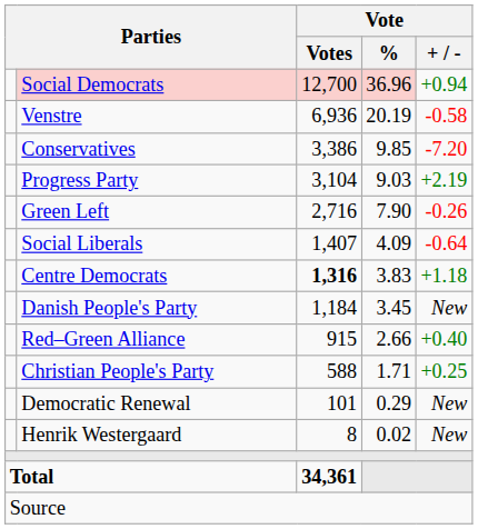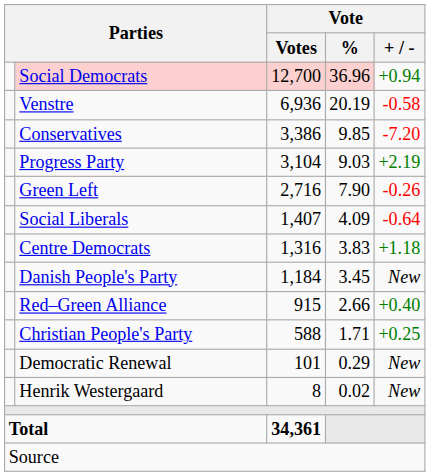 <table class="wikitable" style="text-align:right;">
 <tr>
 <th style="text-align:centre;" rowspan="2" colspan="2" width="225">Parties</th>
 <th colspan="3">Vote</th>
 </tr>
 <tr>
 <th width="15">Votes</th>
 <th width="15">%</th>
 <th width="15">+ / -</th>
 </tr>
 <tr>
 <td width="2" style="color:inherit;background:"></td>
 <td bgcolor=#fbd0ce  align="left"><a href='#'>Social Democrats</a></td>
 <td bgcolor=#fbd0ce>12,700</td>
 <td bgcolor=#fbd0ce>36.96</td>
 <td style=color:green;>+0.94</td>
 </tr>
 <tr>
 <td width="2" style="color:inherit;background:"></td>
 <td align="left"><a href='#'>Venstre</a></td>
 <td>6,936</td>
 <td>20.19</td>
 <td style=color:red;>-0.58</td>
 </tr>
 <tr>
 <td width="2" style="color:inherit;background:"></td>
 <td align="left"><a href='#'>Conservatives</a></td>
 <td>3,386</td>
 <td>9.85</td>
 <td style=color:red;>-7.20</td>
 </tr>
 <tr>
 <td width="2" style="color:inherit;background:"></td>
 <td align="left"><a href='#'>Progress Party</a></td>
 <td>3,104</td>
 <td>9.03</td>
 <td style=color:green;>+2.19</td>
 </tr>
 <tr>
 <td width="2" style="color:inherit;background:"></td>
 <td align="left"><a href='#'>Green Left</a></td>
 <td>2,716</td>
 <td>7.90</td>
 <td style=color:red;>-0.26</td>
 </tr>
 <tr>
 <td width="2" style="color:inherit;background:"></td>
 <td align="left"><a href='#'>Social Liberals</a></td>
 <td>1,407</td>
 <td>4.09</td>
 <td style=color:red;>-0.64</td>
 </tr>
 <tr>
 <td width="2" style="color:inherit;background:"></td>
 <td align="left"><a href='#'>Centre Democrats</a></td>
-<td><strong>1,316</strong></td>
+<td>1,316</td>
 <td>3.83</td>
 <td style=color:green;>+1.18</td>
 </tr>
 <tr>
 <td width="2" style="color:inherit;background:"></td>
 <td align="left"><a href='#'>Danish People's Party</a></td>
 <td>1,184</td>
 <td>3.45</td>
 <td><em>New</em></td>
 </tr>
 <tr>
 <td width="2" style="color:inherit;background:"></td>
 <td align="left"><a href='#'>Red–Green Alliance</a></td>
 <td>915</td>
 <td>2.66</td>
 <td style=color:green;>+0.40</td>
 </tr>
 <tr>
 <td width="2" style="color:inherit;background:"></td>
 <td align="left"><a href='#'>Christian People's Party</a></td>
 <td>588</td>
 <td>1.71</td>
 <td style=color:green;>+0.25</td>
 </tr>
 <tr>
 <td width="2" style="color:inherit;background:"></td>
 <td align="left">Democratic Renewal</td>
 <td>101</td>
 <td>0.29</td>
 <td><em>New</em></td>
 </tr>
 <tr>
 <td width="2" style="color:inherit;background:"></td>
 <td align="left">Henrik Westergaard</td>
 <td>8</td>
 <td>0.02</td>
 <td><em>New</em></td>
 </tr>
 <tr>
 <td colspan="7" bgcolor="#E9E9E9"></td>
 </tr>
 <tr>
 <td align="left" colspan="2"><strong>Total</strong></td>
 <td><strong>34,361</strong></td>
 <td bgcolor="#E9E9E9" colspan="2"></td>
 </tr>
 <tr>
 <td align="left" colspan="6">Source</td>
 </tr>
 </table>
